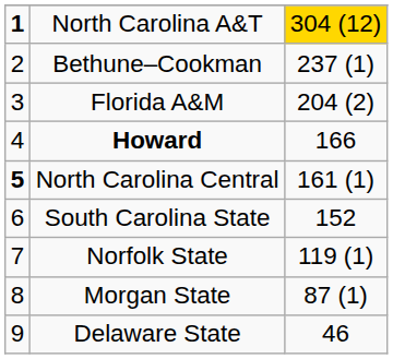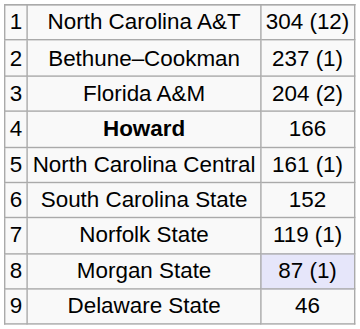 <table class="wikitable">
 <tr align="center">
 </tr>
 <tr align="center">
-<td><strong>1</strong></td>
+<td>1</td>
 <td>North Carolina A&T</td>
-<td style="background: gold;">304 (12)</td>
+<td>304 (12)</td>
 </tr>
 <tr align="center">
 <td>2</td>
 <td>Bethune–Cookman</td>
 <td>237 (1)</td>
 </tr>
 <tr align="center">
 <td>3</td>
 <td>Florida A&M</td>
 <td>204 (2)</td>
 </tr>
 <tr align="center">
 <td>4</td>
 <td><strong>Howard</strong></td>
 <td>166</td>
 </tr>
 <tr align="center">
-<td><strong>5</strong></td>
+<td>5</td>
 <td>North Carolina Central</td>
 <td>161 (1)</td>
 </tr>
 <tr align="center">
 <td>6</td>
 <td>South Carolina State</td>
 <td>152</td>
 </tr>
 <tr align="center">
 <td>7</td>
 <td>Norfolk State</td>
 <td>119 (1)</td>
 </tr>
 <tr align="center">
 <td>8</td>
 <td>Morgan State</td>
-<td>87 (1)</td>
+<td style="background: lavender;">87 (1)</td>
 </tr>
 <tr align="center">
 <td>9</td>
 <td>Delaware State</td>
 <td>46</td>
 </tr>
 </table>
